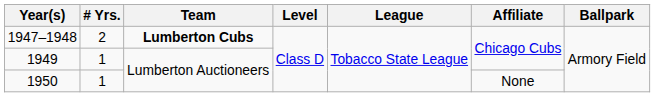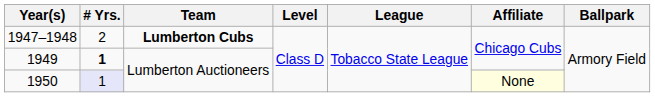 <table class="wikitable" style="text-align:center; font-size: 95%;">
 <tr>
 <th>Year(s)</th>
 <th># Yrs.</th>
 <th>Team</th>
 <th>Level</th>
 <th>League</th>
 <th>Affiliate</th>
 <th>Ballpark</th>
 </tr>
 <tr>
 <td>1947–1948</td>
 <td>2</td>
 <td><strong>Lumberton Cubs</strong></td>
 <td rowspan=3><a href='#'>Class D</a></td>
 <td rowspan=3><a href='#'>Tobacco State League</a></td>
 <td rowspan=2><a href='#'>Chicago Cubs</a></td>
 <td rowspan=3>Armory Field</td>
 </tr>
 <tr>
 <td>1949</td>
-<td>1</td>
+<td><strong>1</strong></td>
 <td rowspan=2>Lumberton Auctioneers</td>
 </tr>
 <tr>
 <td>1950</td>
-<td>1</td>
-<td>None</td>
+<td style="background: lavender;">1</td>
+<td style="background: lightyellow;">None</td>
 </tr>
 </table>
